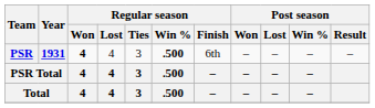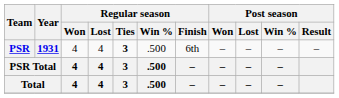 <table class="wikitable" style="font-size: 95%; text-align:center;">
 <tr>
 <th rowspan="2">Team</th>
 <th rowspan="2">Year</th>
 <th colspan="5">Regular season</th>
 <th colspan="4">Post season</th>
 </tr>
 <tr>
 <th>Won</th>
 <th>Lost</th>
 <th>Ties</th>
 <th>Win %</th>
 <th>Finish</th>
 <th>Won</th>
 <th>Lost</th>
 <th>Win %</th>
 <th>Result</th>
 </tr>
 <tr>
 <th><a href='#'>PSR</a></th>
 <th><a href='#'>1931</a></th>
-<td><strong>4</strong></td>
 <td>4</td>
-<td>3</td>
-<td><strong>.500</strong></td>
+<td>4</td>
+<td><strong>3</strong></td>
+<td>.500</td>
 <td>6th</td>
 <td>–</td>
 <td>–</td>
 <td>–</td>
 <td>–</td>
 </tr>
 <tr>
 <th colspan="2">PSR Total</th>
 <th>4</th>
 <th>4</th>
 <th>3</th>
 <th>.500</th>
 <th>–</th>
 <th>–</th>
 <th>–</th>
 <th>–</th>
 <th></th>
 </tr>
 <tr>
 <th colspan="2">Total</th>
 <th>4</th>
 <th>4</th>
 <th>3</th>
 <th>.500</th>
 <th>–</th>
 <th>–</th>
 <th>–</th>
 <th>–</th>
 <th></th>
 </tr>
 <tr>
 </tr>
 </table>
